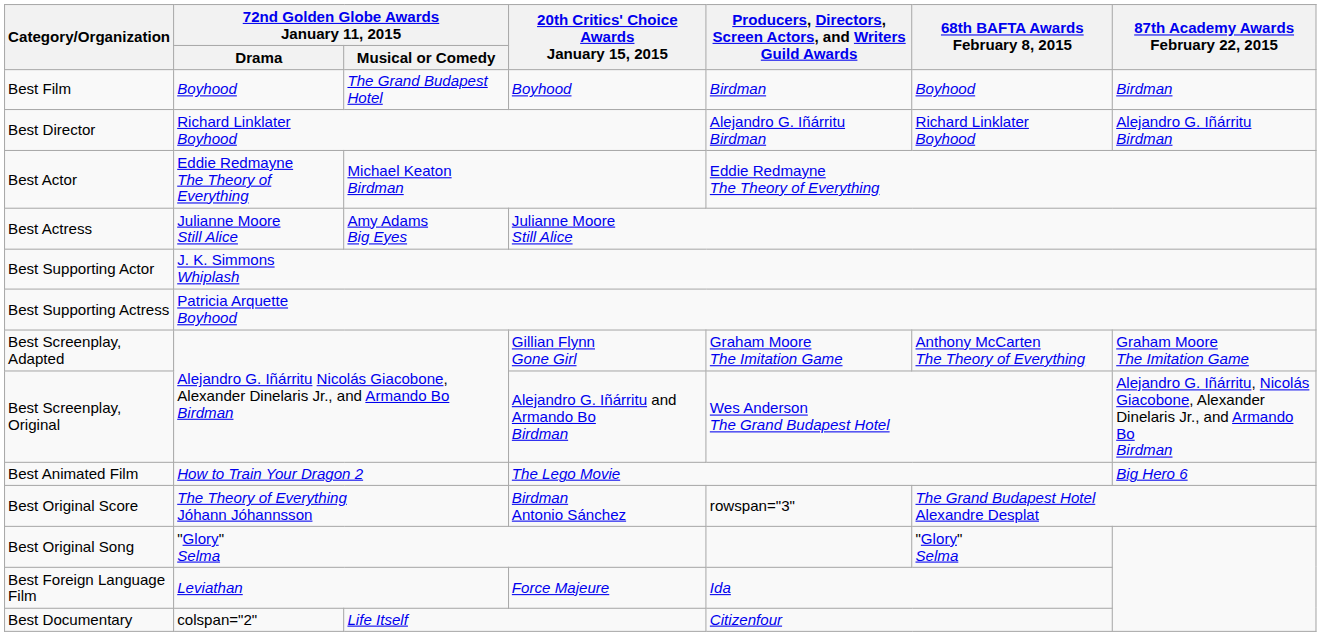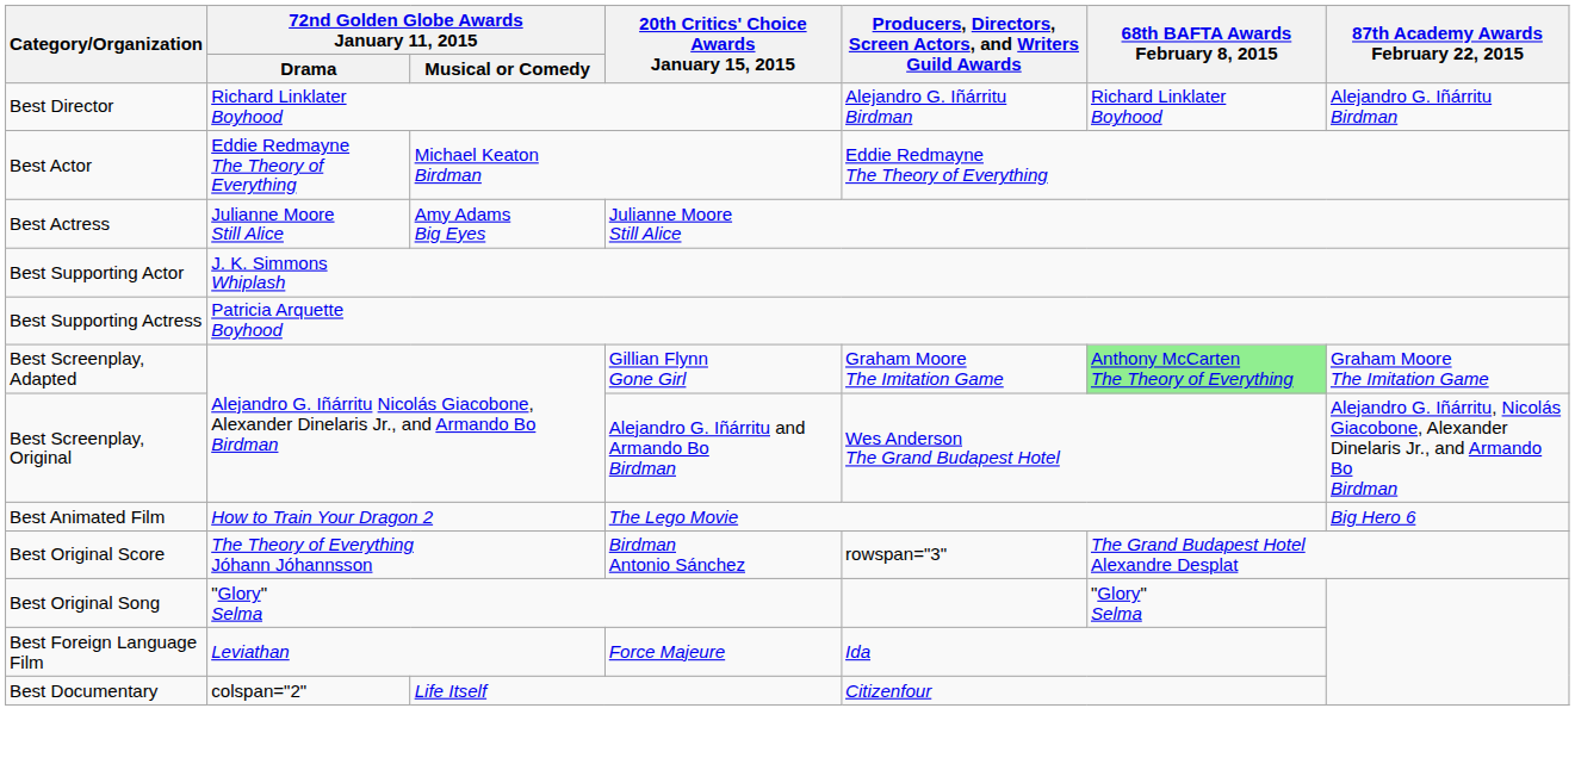 <table class="wikitable" style="font-size: 90%;">
 <tr>
 <th rowspan="2" style="width:20px;">Category/Organization</th>
 <th colspan="2" style="width:250px;"><a href='#'>72nd Golden Globe Awards</a><br>January 11, 2015</th>
 <th rowspan="2" style="width:250px;"><a href='#'>20th Critics' Choice Awards</a><br> January 15, 2015</th>
 <th rowspan="2" style="width:250px;"><a href='#'>Producers</a>, <a href='#'>Directors</a>, <a href='#'>Screen Actors</a>, and <a href='#'>Writers Guild Awards</a></th>
 <th rowspan="2" style="width:250px;"><a href='#'>68th BAFTA Awards</a><br> February 8, 2015</th>
 <th rowspan="2" style="width:250px;"><a href='#'>87th Academy Awards</a><br>February 22, 2015</th>
 </tr>
 <tr>
 <th width=200>Drama</th>
 <th style="width:200px;">Musical or Comedy</th>
-</tr>
-<tr>
-<td>Best Film</td>
-<td><em><a href='#'>Boyhood</a></em></td>
-<td><em><a href='#'>The Grand Budapest Hotel</a></em></td>
-<td><em><a href='#'>Boyhood</a></em></td>
-<td><em><a href='#'>Birdman</a></em></td>
-<td><em><a href='#'>Boyhood</a></em></td>
-<td><em><a href='#'>Birdman</a></em></td>
 </tr>
 <tr>
 <td>Best Director</td>
 <td colspan=3><a href='#'>Richard Linklater</a><br><em><a href='#'>Boyhood</a></em></td>
 <td><a href='#'>Alejandro G. Iñárritu</a><br><em><a href='#'>Birdman</a></em></td>
 <td><a href='#'>Richard Linklater</a><br><em><a href='#'>Boyhood</a></em></td>
 <td><a href='#'>Alejandro G. Iñárritu</a><br><em><a href='#'>Birdman</a></em></td>
 </tr>
 <tr>
 <td>Best Actor</td>
 <td><a href='#'>Eddie Redmayne</a><br><em><a href='#'>The Theory of Everything</a></em></td>
 <td colspan=2><a href='#'>Michael Keaton</a><br><em><a href='#'>Birdman</a></em></td>
 <td colspan=3><a href='#'>Eddie Redmayne</a><br><em><a href='#'>The Theory of Everything</a></em></td>
 </tr>
 <tr>
 <td>Best Actress</td>
 <td><a href='#'>Julianne Moore</a><br><em><a href='#'>Still Alice</a></em></td>
 <td><a href='#'>Amy Adams</a><br><em><a href='#'>Big Eyes</a></em></td>
 <td colspan=4><a href='#'>Julianne Moore</a><br><em><a href='#'>Still Alice</a></em></td>
 </tr>
 <tr>
 <td>Best Supporting Actor</td>
 <td colspan=6><a href='#'>J. K. Simmons</a><br><em><a href='#'>Whiplash</a></em></td>
 </tr>
 <tr>
 <td>Best Supporting Actress</td>
 <td colspan=6><a href='#'>Patricia Arquette</a><br><em><a href='#'>Boyhood</a></em></td>
 </tr>
 <tr>
 <td>Best Screenplay, Adapted</td>
 <td rowspan=2 colspan=2><a href='#'>Alejandro G. Iñárritu</a> <a href='#'>Nicolás Giacobone</a>, Alexander Dinelaris Jr., and <a href='#'>Armando Bo</a> <br><em><a href='#'>Birdman</a></em></td>
 <td><a href='#'>Gillian Flynn</a><br><em><a href='#'>Gone Girl</a></em></td>
 <td><a href='#'>Graham Moore</a><br> <em><a href='#'>The Imitation Game</a></em></td>
-<td><a href='#'>Anthony McCarten</a><br><em><a href='#'>The Theory of Everything</a></em></td>
+<td style="background: lightgreen;"><a href='#'>Anthony McCarten</a><br><em><a href='#'>The Theory of Everything</a></em></td>
 <td><a href='#'>Graham Moore</a><br> <em><a href='#'>The Imitation Game</a></em></td>
 </tr>
 <tr>
 <td>Best Screenplay, Original</td>
 <td><a href='#'>Alejandro G. Iñárritu</a> and <a href='#'>Armando Bo</a> <br><em><a href='#'>Birdman</a></em></td>
 <td colspan=2><a href='#'>Wes Anderson</a><br><em><a href='#'>The Grand Budapest Hotel</a></em></td>
 <td><a href='#'>Alejandro G. Iñárritu</a>, <a href='#'>Nicolás Giacobone</a>, Alexander Dinelaris Jr., and <a href='#'>Armando Bo</a> <br><em><a href='#'>Birdman</a></em></td>
 </tr>
 <tr>
 <td>Best Animated Film</td>
 <td colspan=2><em><a href='#'>How to Train Your Dragon 2</a></em></td>
 <td colspan=3><em><a href='#'>The Lego Movie</a></em></td>
 <td><em><a href='#'>Big Hero 6</a></em></td>
 </tr>
 <tr>
 <td>Best Original Score</td>
 <td colspan=2><em><a href='#'>The Theory of Everything</a></em><br><a href='#'>Jóhann Jóhannsson</a></td>
 <td><em><a href='#'>Birdman</a></em><br><a href='#'>Antonio Sánchez</a></td>
 <td>rowspan="3" </td>
 <td colspan=2><em><a href='#'>The Grand Budapest Hotel</a></em><br><a href='#'>Alexandre Desplat</a></td>
 </tr>
 <tr>
 <td>Best Original Song</td>
 <td colspan=3>"<a href='#'>Glory</a>"<br><em><a href='#'>Selma</a></em></td>
 <td></td>
 <td>"<a href='#'>Glory</a>"<br><em><a href='#'>Selma</a></em></td>
 </tr>
 <tr>
 <td>Best Foreign Language Film</td>
 <td colspan=2><em><a href='#'>Leviathan</a></em></td>
 <td><em><a href='#'>Force Majeure</a></em></td>
 <td colspan=2><em><a href='#'>Ida</a></em></td>
 </tr>
 <tr>
 <td>Best Documentary</td>
 <td>colspan="2" </td>
 <td colspan="2"><em><a href='#'>Life Itself</a></em></td>
 <td colspan="2"><em><a href='#'>Citizenfour</a></em></td>
 </tr>
 </table>
